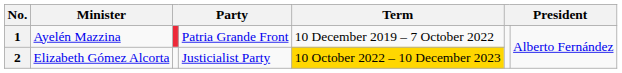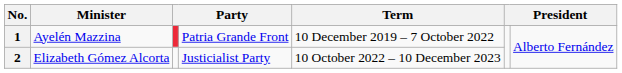 <table class="wikitable">
 <tr>
 <th>No.</th>
 <th>Minister</th>
 <th colspan="2">Party</th>
 <th>Term</th>
 <th colspan="2">President</th>
 </tr>
 <tr>
 <th>1</th>
 <td><a href='#'>Ayelén Mazzina</a></td>
 <td bgcolor=#ED2939></td>
 <td><a href='#'>Patria Grande Front</a></td>
 <td>10 December 2019 – 7 October 2022</td>
 <td rowspan="2" bgcolor=></td>
 <td rowspan="2"><a href='#'>Alberto Fernández</a></td>
 </tr>
 <tr>
 <th>2</th>
 <td><a href='#'>Elizabeth Gómez Alcorta</a></td>
 <td bgcolor=></td>
 <td><a href='#'>Justicialist Party</a></td>
-<td style="background: gold;">10 October 2022 – 10 December 2023</td>
+<td>10 October 2022 – 10 December 2023</td>
 </tr>
 </table>
